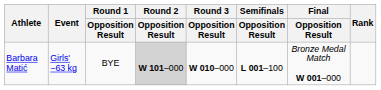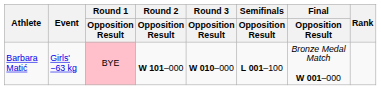 <table class="wikitable" border="1" style="font-size:90%">
 <tr>
 <th rowspan=2>Athlete</th>
 <th rowspan=2>Event</th>
 <th>Round 1</th>
 <th>Round 2</th>
 <th>Round 3</th>
 <th>Semifinals</th>
 <th>Final</th>
 <th rowspan=2>Rank</th>
 </tr>
 <tr>
 <th>Opposition<br>Result</th>
 <th>Opposition<br>Result</th>
 <th>Opposition<br>Result</th>
 <th>Opposition<br>Result</th>
 <th>Opposition<br>Result</th>
 </tr>
 <tr>
 <td><a href='#'>Barbara Matić</a></td>
 <td><a href='#'>Girls' −63 kg</a></td>
-<td align=center>BYE</td>
-<td align=center style="background: lightgrey;"> <br> <strong>W</strong> <strong>101</strong>–000</td>
+<td align=center style="background: pink;">BYE</td>
+<td align=center> <br> <strong>W</strong> <strong>101</strong>–000</td>
 <td align=center> <br> <strong>W</strong> <strong>010</strong>–000</td>
 <td align=center> <br> <strong>L</strong> <strong>001</strong>–100</td>
 <td align=center><em>Bronze Medal Match</em><br> <br> <strong>W</strong> <strong>001</strong>–000</td>
 <td align=center></td>
 </tr>
 </table>
